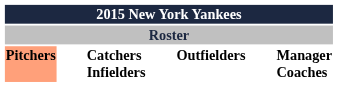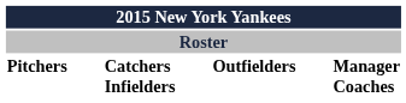 <table class="toccolours" style="font-size: 95%;">
 <tr>
 <th colspan="10" style="background:#1c2841; color:white; text-align:center;">2015 New York Yankees</th>
 </tr>
 <tr>
 <td colspan="10" style="background:silver; color:#1c2841; text-align:center;"><strong>Roster</strong></td>
 </tr>
 <tr>
-<td valign="top" style="background: lightsalmon;"><strong>Pitchers</strong><br>                              </td>
+<td valign="top"><strong>Pitchers</strong><br>                              </td>
 <td style="width:25px;"></td>
 <td valign="top"><strong>Catchers</strong><br>    <strong>Infielders</strong>            </td>
 <td style="width:25px;"></td>
 <td valign="top"><strong>Outfielders</strong><br>        </td>
 <td style="width:25px;"></td>
 <td valign="top"><strong>Manager</strong><br> <strong>Coaches</strong>                </td>
 </tr>
 </table>
